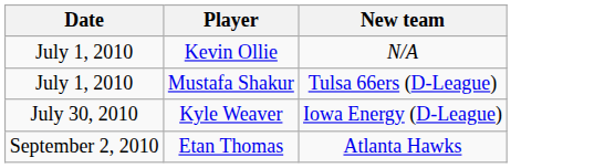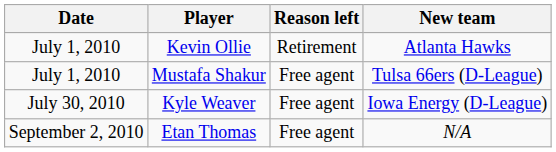 <table class="wikitable sortable sortable" style="text-align: center">
 <tr>
 <th>Date</th>
 <th>Player</th>
+<th>Reason left</th>
 <th>New team</th>
 </tr>
 <tr style="text-align: center">
 <td>July 1, 2010</td>
 <td><a href='#'>Kevin Ollie</a></td>
-<td><em>N/A</em></td>
+<td>Retirement</td>
+<td><a href='#'>Atlanta Hawks</a></td>
 </tr>
 <tr style="text-align: center">
 <td>July 1, 2010</td>
 <td><a href='#'>Mustafa Shakur</a></td>
+<td>Free agent</td>
 <td><a href='#'>Tulsa 66ers</a> (<a href='#'>D-League</a>)</td>
 </tr>
 <tr style="text-align: center">
 <td>July 30, 2010</td>
 <td><a href='#'>Kyle Weaver</a></td>
+<td>Free agent</td>
 <td><a href='#'>Iowa Energy</a> (<a href='#'>D-League</a>)</td>
 </tr>
 <tr style="text-align: center">
 <td>September 2, 2010</td>
 <td><a href='#'>Etan Thomas</a></td>
-<td><a href='#'>Atlanta Hawks</a></td>
+<td>Free agent</td>
+<td><em>N/A</em></td>
 </tr>
 </table>
